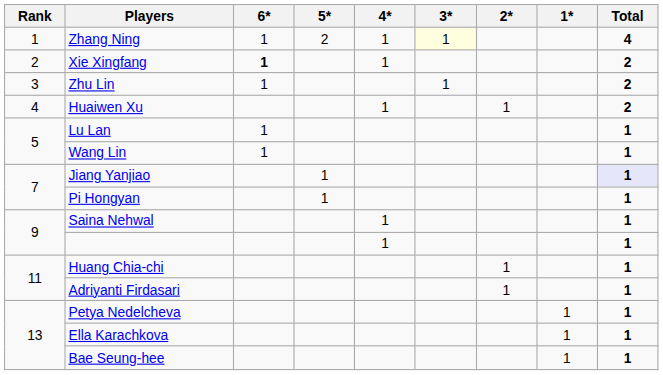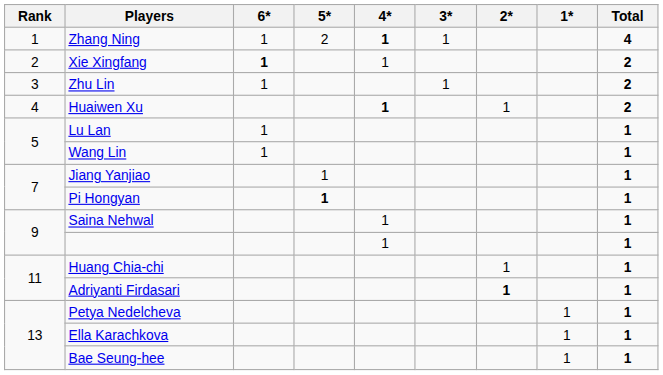 <table class="wikitable" style="font-size:80%; text-align:center">
 <tr>
 <th width="50">Rank</th>
 <th width="150">Players</th>
 <th width="50">6*</th>
 <th width="50">5*</th>
 <th width="50">4*</th>
 <th width="50">3*</th>
 <th width="50">2*</th>
 <th width="50">1*</th>
 <th width="50">Total</th>
 </tr>
 <tr>
 <td>1</td>
 <td align="left"> <a href='#'>Zhang Ning</a></td>
 <td>1</td>
 <td>2</td>
+<td><strong>1</strong></td>
 <td>1</td>
-<td style="background: lightyellow;">1</td>
 <td></td>
 <td></td>
 <td><strong>4</strong></td>
 </tr>
 <tr>
 <td>2</td>
 <td align="left"> <a href='#'>Xie Xingfang</a></td>
 <td><strong>1</strong></td>
 <td></td>
 <td>1</td>
 <td></td>
 <td></td>
 <td></td>
 <td><strong>2</strong></td>
 </tr>
 <tr>
 <td>3</td>
 <td align="left"> <a href='#'>Zhu Lin</a></td>
 <td>1</td>
 <td></td>
 <td></td>
 <td>1</td>
 <td></td>
 <td></td>
 <td><strong>2</strong></td>
 </tr>
 <tr>
 <td>4</td>
 <td align="left"> <a href='#'>Huaiwen Xu</a></td>
 <td></td>
 <td></td>
-<td>1</td>
+<td><strong>1</strong></td>
 <td></td>
 <td>1</td>
 <td></td>
 <td><strong>2</strong></td>
 </tr>
 <tr>
 <td rowspan="2">5</td>
 <td align="left"> <a href='#'>Lu Lan</a></td>
 <td>1</td>
 <td></td>
 <td></td>
 <td></td>
 <td></td>
 <td></td>
 <td><strong>1</strong></td>
 </tr>
 <tr>
 <td align="left"> <a href='#'>Wang Lin</a></td>
 <td>1</td>
 <td></td>
 <td></td>
 <td></td>
 <td></td>
 <td></td>
 <td><strong>1</strong></td>
 </tr>
 <tr>
 <td rowspan="2">7</td>
 <td align="left"> <a href='#'>Jiang Yanjiao</a></td>
 <td></td>
 <td>1</td>
 <td></td>
 <td></td>
 <td></td>
 <td></td>
-<td style="background: lavender;"><strong>1</strong></td>
+<td><strong>1</strong></td>
 </tr>
 <tr>
 <td align="left"> <a href='#'>Pi Hongyan</a></td>
 <td></td>
-<td>1</td>
+<td><strong>1</strong></td>
 <td></td>
 <td></td>
 <td></td>
 <td></td>
 <td><strong>1</strong></td>
 </tr>
 <tr>
 <td rowspan="2">9</td>
 <td align="left"> <a href='#'>Saina Nehwal</a></td>
 <td></td>
 <td></td>
 <td>1</td>
 <td></td>
 <td></td>
 <td></td>
 <td><strong>1</strong></td>
 </tr>
 <tr>
 <td align="left"></td>
 <td></td>
 <td></td>
 <td>1</td>
 <td></td>
 <td></td>
 <td></td>
 <td><strong>1</strong></td>
 </tr>
 <tr>
 <td rowspan="2">11</td>
 <td align="left"> <a href='#'>Huang Chia-chi</a></td>
 <td></td>
 <td></td>
 <td></td>
 <td></td>
 <td>1</td>
 <td></td>
 <td><strong>1</strong></td>
 </tr>
 <tr>
 <td align="left"> <a href='#'>Adriyanti Firdasari</a></td>
 <td></td>
 <td></td>
 <td></td>
 <td></td>
-<td>1</td>
+<td><strong>1</strong></td>
 <td></td>
 <td><strong>1</strong></td>
 </tr>
 <tr>
 <td rowspan="3">13</td>
 <td align="left"> <a href='#'>Petya Nedelcheva</a></td>
 <td></td>
 <td></td>
 <td></td>
 <td></td>
 <td></td>
 <td>1</td>
 <td><strong>1</strong></td>
 </tr>
 <tr>
 <td align="left"> <a href='#'>Ella Karachkova</a></td>
 <td></td>
 <td></td>
 <td></td>
 <td></td>
 <td></td>
 <td>1</td>
 <td><strong>1</strong></td>
 </tr>
 <tr>
 <td align="left"> <a href='#'>Bae Seung-hee</a></td>
 <td></td>
 <td></td>
 <td></td>
 <td></td>
 <td></td>
 <td>1</td>
 <td><strong>1</strong></td>
 </tr>
 </table>
